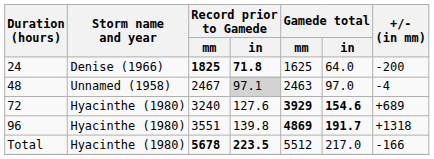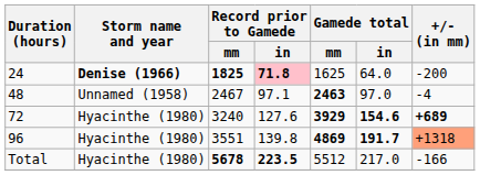 <table class="wikitable" style="float:right;margin:0 0 0.5em 1em;">
 <tr>
 <th rowspan=2>Duration<br>(hours)</th>
 <th rowspan=2>Storm name<br>and year</th>
 <th colspan=2>Record prior<br>to Gamede</th>
 <th colspan=2>Gamede total</th>
 <th rowspan=2>+/-<br>(in mm)</th>
 </tr>
 <tr>
 <th>mm</th>
 <th>in</th>
 <th>mm</th>
 <th>in</th>
 </tr>
 <tr>
 <td>24</td>
-<td>Denise (1966)</td>
+<td><strong>Denise (1966)</strong></td>
 <td><strong>1825</strong></td>
-<td><strong>71.8</strong></td>
+<td style="background: pink;"><strong>71.8</strong></td>
 <td>1625</td>
 <td>64.0</td>
 <td>-200</td>
 </tr>
 <tr>
 <td>48</td>
 <td>Unnamed (1958)</td>
 <td>2467</td>
-<td style="background: lightgrey;">97.1</td>
-<td>2463</td>
+<td>97.1</td>
+<td><strong>2463</strong></td>
 <td>97.0</td>
 <td>-4</td>
 </tr>
 <tr>
 <td>72</td>
 <td>Hyacinthe (1980)</td>
 <td>3240</td>
 <td>127.6</td>
 <td><strong>3929</strong></td>
 <td><strong>154.6</strong></td>
-<td>+689</td>
+<td><strong>+689</strong></td>
 </tr>
 <tr>
 <td>96</td>
 <td>Hyacinthe (1980)</td>
 <td>3551</td>
 <td>139.8</td>
 <td><strong>4869</strong></td>
 <td><strong>191.7</strong></td>
-<td>+1318</td>
+<td style="background: lightsalmon;">+1318</td>
 </tr>
 <tr>
 <td>Total</td>
 <td>Hyacinthe (1980)</td>
 <td><strong>5678</strong></td>
 <td><strong>223.5</strong></td>
 <td>5512</td>
 <td>217.0</td>
 <td>-166</td>
 </tr>
 <tr>
 </tr>
 </table>
